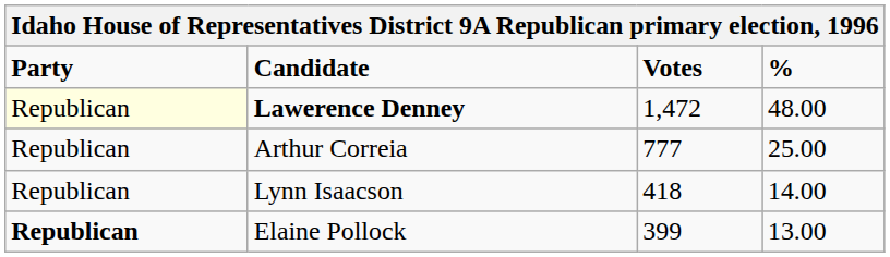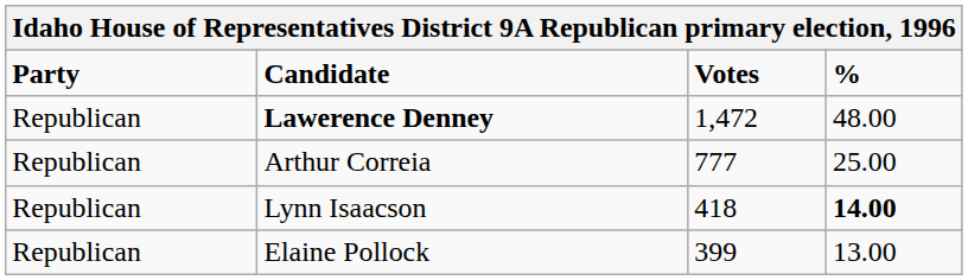 <table class="wikitable">
 <tr>
 <th colspan="4">Idaho House of Representatives District 9A Republican primary election, 1996</th>
 </tr>
 <tr>
 <td><strong>Party</strong></td>
 <td><strong>Candidate</strong></td>
 <td><strong>Votes</strong></td>
 <td><strong>%</strong></td>
 </tr>
 <tr>
-<td style="background: lightyellow;">Republican</td>
+<td>Republican</td>
 <td><strong>Lawerence Denney</strong></td>
 <td>1,472</td>
 <td>48.00</td>
 </tr>
 <tr>
 <td>Republican</td>
 <td>Arthur Correia</td>
 <td>777</td>
 <td>25.00</td>
 </tr>
 <tr>
 <td>Republican</td>
 <td>Lynn Isaacson</td>
 <td>418</td>
-<td>14.00</td>
+<td><strong>14.00</strong></td>
 </tr>
 <tr>
-<td><strong>Republican</strong></td>
+<td>Republican</td>
 <td>Elaine Pollock</td>
 <td>399</td>
 <td>13.00</td>
 </tr>
 </table>
